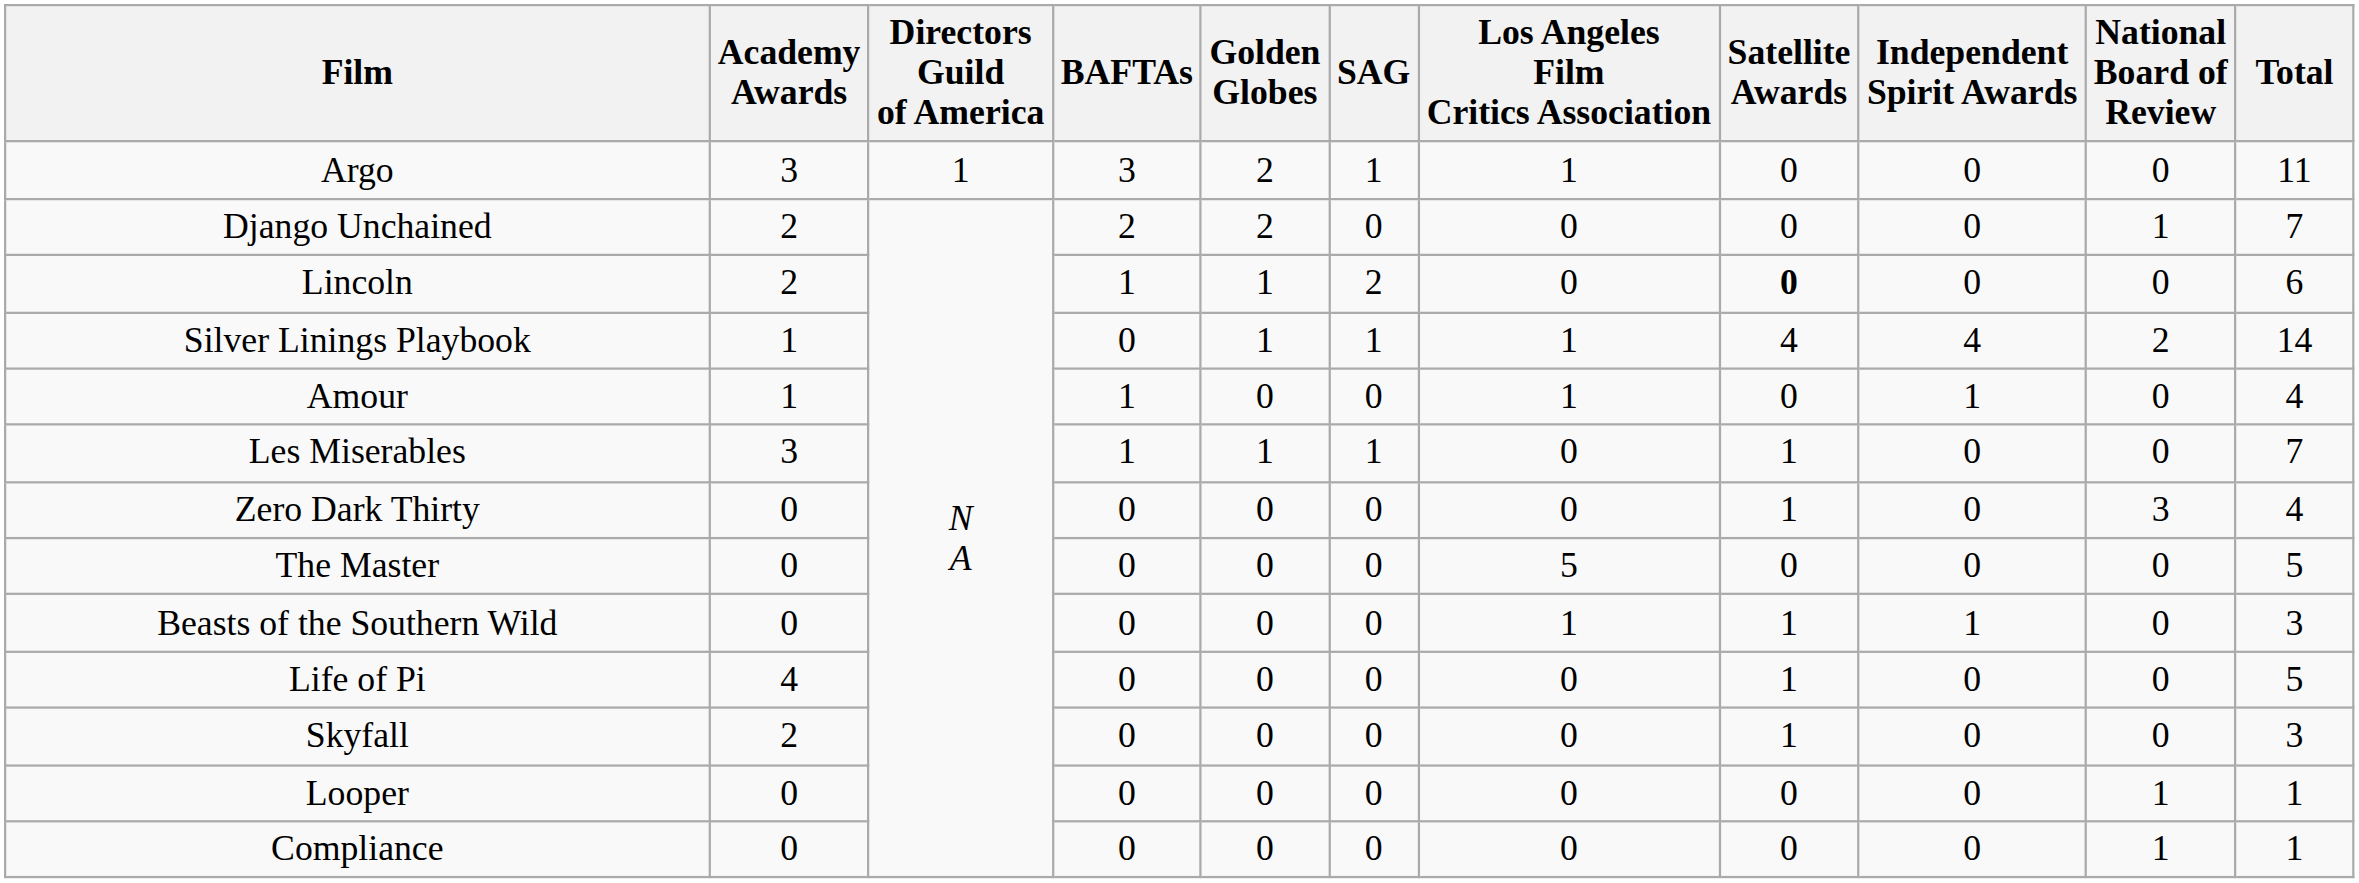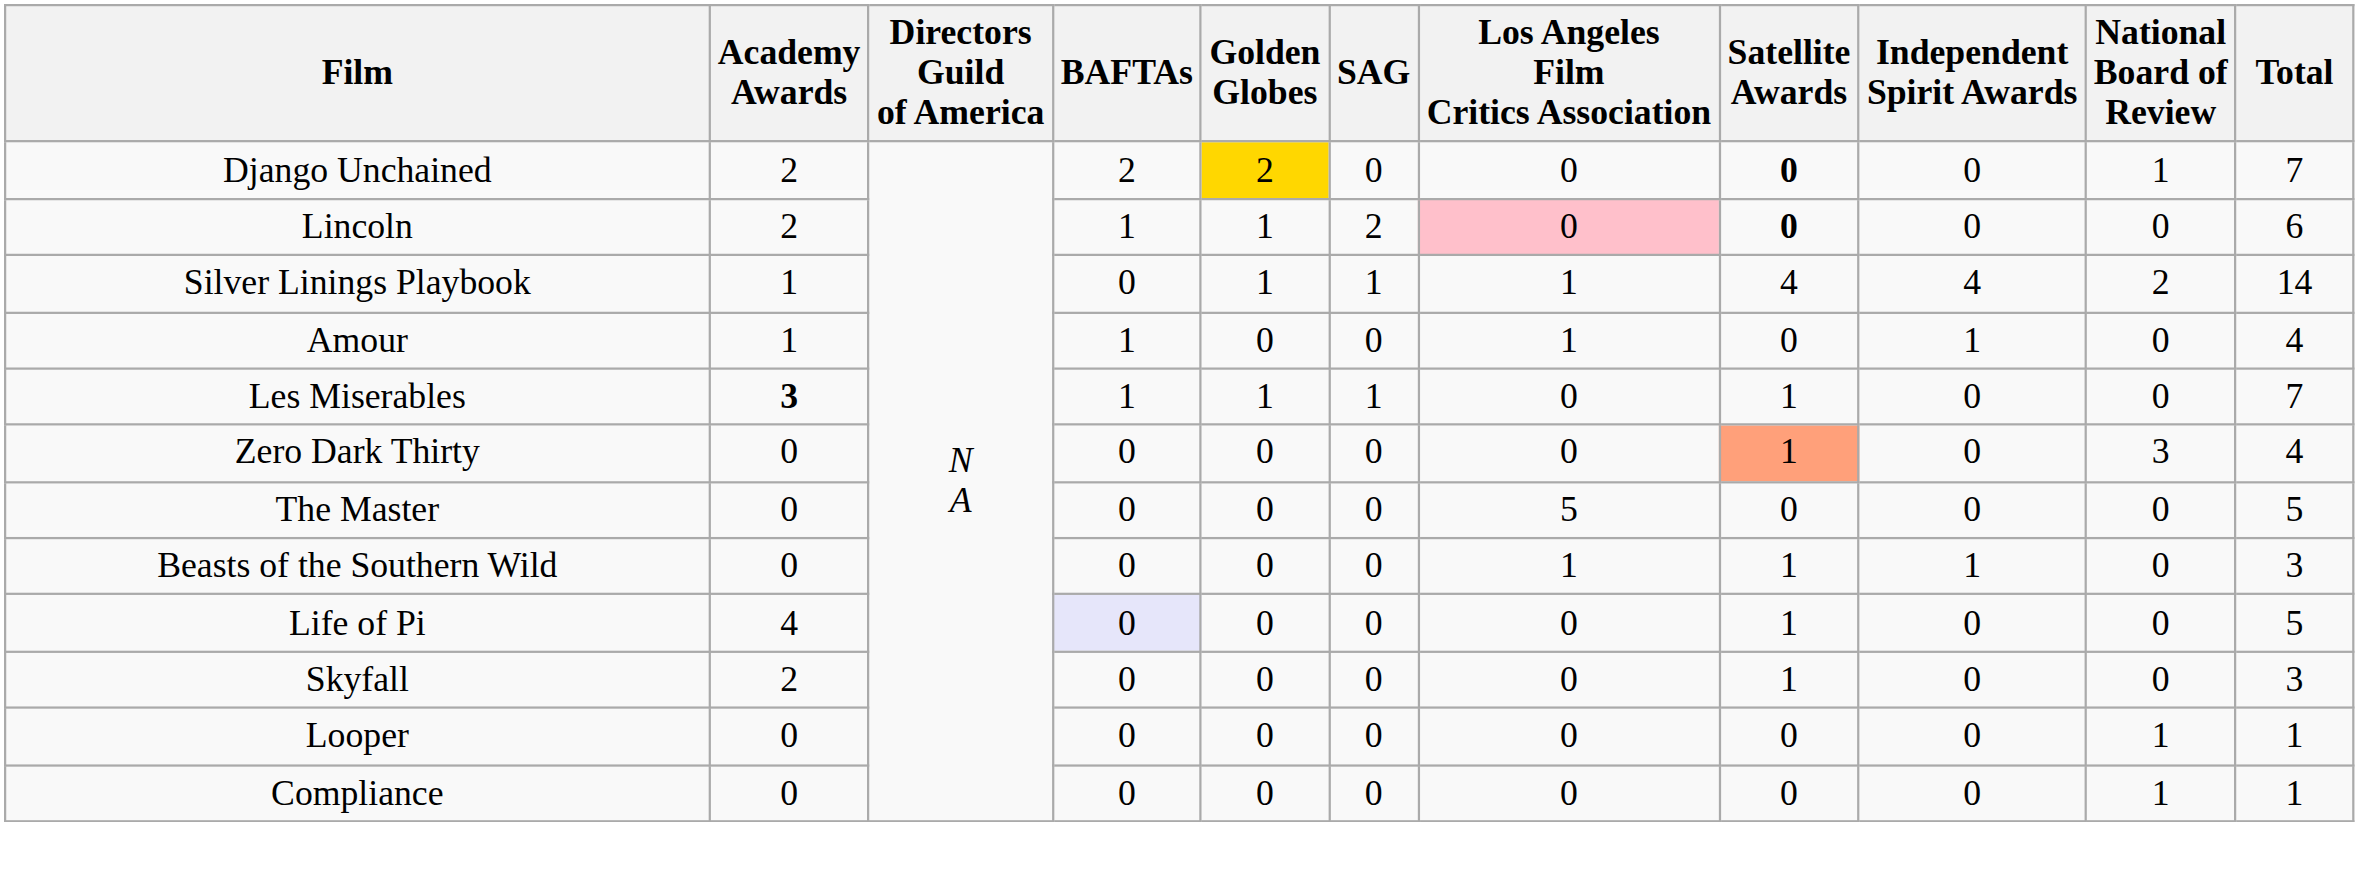 <table class="wikitable"  style="text-align:center;">
 <tr>
 <th style="width:30%">Film</th>
 <th>Academy <br> Awards</th>
 <th>Directors <br> Guild <br> of America</th>
 <th>BAFTAs</th>
 <th>Golden <br> Globes</th>
 <th>SAG</th>
 <th>Los Angeles <br> Film <br> Critics Association</th>
 <th>Satellite <br> Awards</th>
 <th>Independent <br> Spirit Awards</th>
 <th>National <br> Board of <br> Review</th>
 <th style="width:5%">Total</th>
 </tr>
 <tr>
-<td>Argo</td>
-<td>3</td>
-<td>1</td>
-<td>3</td>
-<td>2</td>
-<td>1</td>
-<td>1</td>
-<td>0</td>
-<td>0</td>
-<td>0</td>
-<td>11</td>
-</tr>
-<tr>
 <td>Django Unchained</td>
 <td>2</td>
 <td rowspan=12><em>N <br> A</em></td>
 <td>2</td>
-<td>2</td>
+<td style="background: gold;">2</td>
 <td>0</td>
 <td>0</td>
-<td>0</td>
+<td><strong>0</strong></td>
 <td>0</td>
 <td>1</td>
 <td>7</td>
 </tr>
 <tr>
 <td>Lincoln</td>
 <td>2</td>
 <td>1</td>
 <td>1</td>
 <td>2</td>
-<td>0</td>
+<td style="background: pink;">0</td>
 <td><strong>0</strong></td>
 <td>0</td>
 <td>0</td>
 <td>6</td>
 </tr>
 <tr>
 <td>Silver Linings Playbook</td>
 <td>1</td>
 <td>0</td>
 <td>1</td>
 <td>1</td>
 <td>1</td>
 <td>4</td>
 <td>4</td>
 <td>2</td>
 <td>14</td>
 </tr>
 <tr>
 <td>Amour</td>
 <td>1</td>
 <td>1</td>
 <td>0</td>
 <td>0</td>
 <td>1</td>
 <td>0</td>
 <td>1</td>
 <td>0</td>
 <td>4</td>
 </tr>
 <tr>
 <td>Les Miserables</td>
-<td>3</td>
+<td><strong>3</strong></td>
 <td>1</td>
 <td>1</td>
 <td>1</td>
 <td>0</td>
 <td>1</td>
 <td>0</td>
 <td>0</td>
 <td>7</td>
 </tr>
 <tr>
 <td>Zero Dark Thirty</td>
 <td>0</td>
 <td>0</td>
 <td>0</td>
 <td>0</td>
 <td>0</td>
-<td>1</td>
+<td style="background: lightsalmon;">1</td>
 <td>0</td>
 <td>3</td>
 <td>4</td>
 </tr>
 <tr>
 <td>The Master</td>
 <td>0</td>
 <td>0</td>
 <td>0</td>
 <td>0</td>
 <td>5</td>
 <td>0</td>
 <td>0</td>
 <td>0</td>
 <td>5</td>
 </tr>
 <tr>
 <td>Beasts of the Southern Wild</td>
 <td>0</td>
 <td>0</td>
 <td>0</td>
 <td>0</td>
 <td>1</td>
 <td>1</td>
 <td>1</td>
 <td>0</td>
 <td>3</td>
 </tr>
 <tr>
 <td>Life of Pi</td>
 <td>4</td>
-<td>0</td>
+<td style="background: lavender;">0</td>
 <td>0</td>
 <td>0</td>
 <td>0</td>
 <td>1</td>
 <td>0</td>
 <td>0</td>
 <td>5</td>
 </tr>
 <tr>
 <td>Skyfall</td>
 <td>2</td>
 <td>0</td>
 <td>0</td>
 <td>0</td>
 <td>0</td>
 <td>1</td>
 <td>0</td>
 <td>0</td>
 <td>3</td>
 </tr>
 <tr>
 <td>Looper</td>
 <td>0</td>
 <td>0</td>
 <td>0</td>
 <td>0</td>
 <td>0</td>
 <td>0</td>
 <td>0</td>
 <td>1</td>
 <td>1</td>
 </tr>
 <tr>
 <td>Compliance</td>
 <td>0</td>
 <td>0</td>
 <td>0</td>
 <td>0</td>
 <td>0</td>
 <td>0</td>
 <td>0</td>
 <td>1</td>
 <td>1</td>
 </tr>
 </table>
